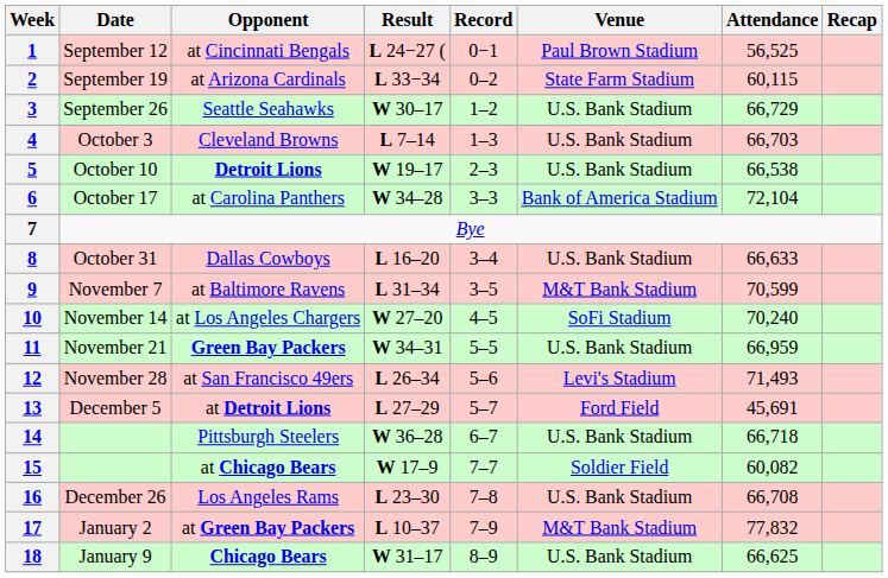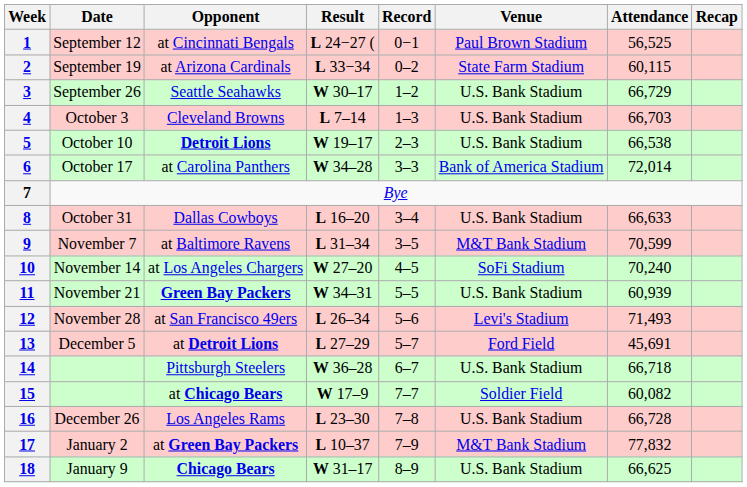 <table class="wikitable" style="text-align:center">
 <tr>
 <th>Week</th>
 <th>Date</th>
 <th>Opponent</th>
 <th>Result</th>
 <th>Record</th>
 <th>Venue</th>
 <th>Attendance</th>
 <th>Recap</th>
 </tr>
 <tr style="background:#fcc">
 <th><a href='#'>1</a></th>
 <td>September 12</td>
 <td>at <a href='#'>Cincinnati Bengals</a></td>
 <td><strong>L</strong> 24−27 (</td>
 <td>0−1</td>
 <td><a href='#'>Paul Brown Stadium</a></td>
 <td>56,525</td>
 <td></td>
 </tr>
 <tr style="background:#fcc">
 <th><a href='#'>2</a></th>
 <td>September 19</td>
 <td>at <a href='#'>Arizona Cardinals</a></td>
 <td><strong>L</strong> 33−34</td>
 <td>0–2</td>
 <td><a href='#'>State Farm Stadium</a></td>
 <td>60,115</td>
 <td></td>
 </tr>
 <tr style="background:#cfc">
 <th><a href='#'>3</a></th>
 <td>September 26</td>
 <td><a href='#'>Seattle Seahawks</a></td>
 <td><strong>W</strong> 30–17</td>
 <td>1–2</td>
 <td>U.S. Bank Stadium</td>
 <td>66,729</td>
 <td></td>
 </tr>
 <tr style="background:#fcc">
 <th><a href='#'>4</a></th>
 <td>October 3</td>
 <td><a href='#'>Cleveland Browns</a></td>
 <td><strong>L</strong> 7–14</td>
 <td>1–3</td>
 <td>U.S. Bank Stadium</td>
 <td>66,703</td>
 <td></td>
 </tr>
 <tr style="background:#cfc">
 <th><a href='#'>5</a></th>
 <td>October 10</td>
 <td><strong><a href='#'>Detroit Lions</a></strong></td>
 <td><strong>W</strong> 19–17</td>
 <td>2–3</td>
 <td>U.S. Bank Stadium</td>
 <td>66,538</td>
 <td></td>
 </tr>
 <tr style="background:#cfc">
 <th><a href='#'>6</a></th>
 <td>October 17</td>
 <td>at <a href='#'>Carolina Panthers</a></td>
 <td><strong>W</strong> 34–28 </td>
 <td>3–3</td>
 <td><a href='#'>Bank of America Stadium</a></td>
-<td>72,104</td>
+<td>72,014</td>
 <td></td>
 </tr>
 <tr>
 <th>7</th>
 <td colspan="7"><em><a href='#'>Bye</a></em></td>
 </tr>
 <tr style="background:#fcc">
 <th><a href='#'>8</a></th>
 <td>October 31</td>
 <td><a href='#'>Dallas Cowboys</a></td>
 <td><strong>L</strong> 16–20</td>
 <td>3–4</td>
 <td>U.S. Bank Stadium</td>
 <td>66,633</td>
 <td></td>
 </tr>
 <tr style="background:#fcc">
 <th><a href='#'>9</a></th>
 <td>November 7</td>
 <td>at <a href='#'>Baltimore Ravens</a></td>
 <td><strong>L</strong> 31–34 </td>
 <td>3–5</td>
 <td><a href='#'>M&T Bank Stadium</a></td>
 <td>70,599</td>
 <td></td>
 </tr>
 <tr style="background:#cfc">
 <th><a href='#'>10</a></th>
 <td>November 14</td>
 <td>at <a href='#'>Los Angeles Chargers</a></td>
 <td><strong>W</strong> 27–20</td>
 <td>4–5</td>
 <td><a href='#'>SoFi Stadium</a></td>
 <td>70,240</td>
 <td></td>
 </tr>
 <tr style="background:#cfc">
 <th><a href='#'>11</a></th>
 <td>November 21</td>
 <td><strong><a href='#'>Green Bay Packers</a></strong></td>
 <td><strong>W</strong> 34–31</td>
 <td>5–5</td>
 <td>U.S. Bank Stadium</td>
-<td>66,959</td>
+<td>60,939</td>
 <td></td>
 </tr>
 <tr style="background:#fcc">
 <th><a href='#'>12</a></th>
 <td>November 28</td>
 <td>at <a href='#'>San Francisco 49ers</a></td>
 <td><strong>L</strong> 26–34</td>
 <td>5–6</td>
 <td><a href='#'>Levi's Stadium</a></td>
 <td>71,493</td>
 <td></td>
 </tr>
 <tr style="background:#fcc">
 <th><a href='#'>13</a></th>
 <td>December 5</td>
 <td>at <strong><a href='#'>Detroit Lions</a></strong></td>
 <td><strong>L</strong> 27–29</td>
 <td>5–7</td>
 <td><a href='#'>Ford Field</a></td>
 <td>45,691</td>
 <td></td>
 </tr>
 <tr style="background:#cfc">
 <th><a href='#'>14</a></th>
 <td></td>
 <td><a href='#'>Pittsburgh Steelers</a></td>
 <td><strong>W</strong> 36–28</td>
 <td>6–7</td>
 <td>U.S. Bank Stadium</td>
 <td>66,718</td>
 <td></td>
 </tr>
 <tr style="background:#cfc">
 <th><a href='#'>15</a></th>
 <td></td>
 <td>at <strong><a href='#'>Chicago Bears</a></strong></td>
 <td><strong>W</strong> 17–9</td>
 <td>7–7</td>
 <td><a href='#'>Soldier Field</a></td>
 <td>60,082</td>
 <td></td>
 </tr>
 <tr style="background:#fcc">
 <th><a href='#'>16</a></th>
 <td>December 26</td>
 <td><a href='#'>Los Angeles Rams</a></td>
 <td><strong>L</strong> 23–30</td>
 <td>7–8</td>
 <td>U.S. Bank Stadium</td>
-<td>66,708</td>
+<td>66,728</td>
 <td></td>
 </tr>
 <tr style="background:#fcc">
 <th><a href='#'>17</a></th>
 <td>January 2</td>
 <td>at <strong><a href='#'>Green Bay Packers</a></strong></td>
 <td><strong>L</strong> 10–37</td>
 <td>7–9</td>
 <td><a href='#'>M&T Bank Stadium</a></td>
 <td>77,832</td>
 <td></td>
 </tr>
 <tr style="background:#cfc">
 <th><a href='#'>18</a></th>
 <td>January 9</td>
 <td><strong><a href='#'>Chicago Bears</a></strong></td>
 <td><strong>W</strong> 31–17</td>
 <td>8–9</td>
 <td>U.S. Bank Stadium</td>
 <td>66,625</td>
 <td></td>
 </tr>
 </table>
